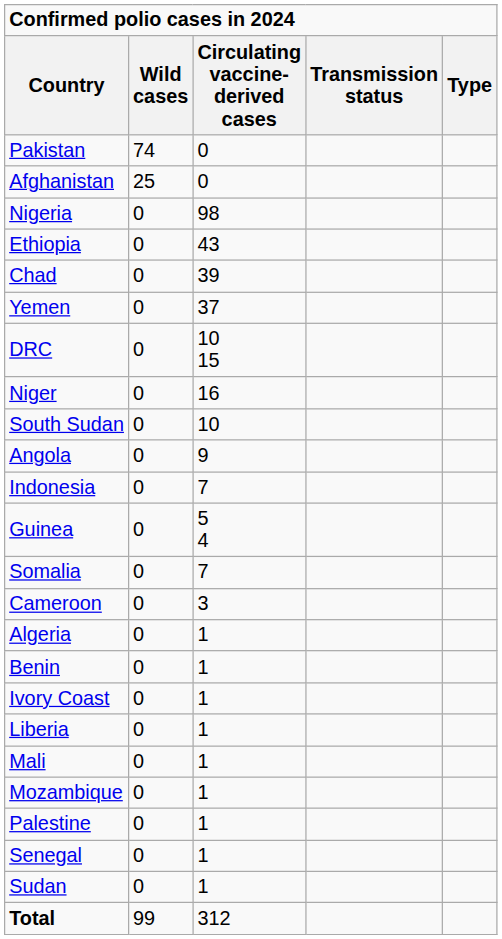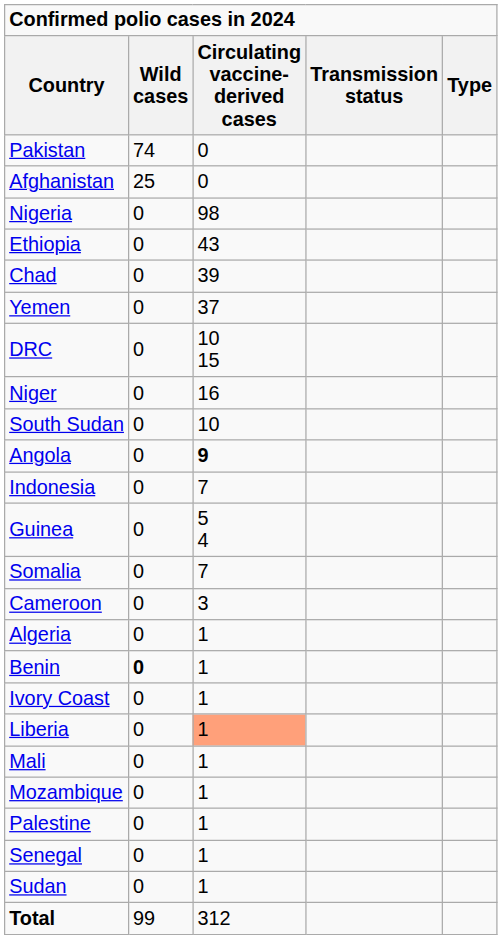 <table class="wikitable sortable mw-collapsible mw-collapsed" font-size:85%; margin-left:15px">
 <tr>
 <td colspan="5"><div><strong>Confirmed polio cases in 2024</strong><br> </div></td>
 </tr>
 <tr>
 <th>Country</th>
 <th>Wild<br>cases</th>
 <th>Circulating<br>vaccine-<br>derived<br>cases</th>
 <th>Transmission<br>status</th>
 <th>Type</th>
 </tr>
 <tr>
 <td><a href='#'>Pakistan</a></td>
 <td>74</td>
 <td>0</td>
 <td></td>
 <td></td>
 </tr>
 <tr>
 <td><a href='#'>Afghanistan</a></td>
 <td>25</td>
 <td>0</td>
 <td></td>
 <td></td>
 </tr>
 <tr>
 <td><a href='#'>Nigeria</a></td>
 <td>0</td>
 <td>98</td>
 <td></td>
 <td></td>
 </tr>
 <tr>
 <td><a href='#'>Ethiopia</a></td>
 <td>0</td>
 <td>43</td>
 <td></td>
 <td></td>
 </tr>
 <tr>
 <td><a href='#'>Chad</a></td>
 <td>0</td>
 <td>39</td>
 <td></td>
 <td></td>
 </tr>
 <tr>
 <td><a href='#'>Yemen</a></td>
 <td>0</td>
 <td>37</td>
 <td></td>
 <td></td>
 </tr>
 <tr>
 <td><a href='#'>DRC</a></td>
 <td>0</td>
 <td>10<br>15</td>
 <td></td>
 <td> <br></td>
 </tr>
 <tr>
 <td><a href='#'>Niger</a></td>
 <td>0</td>
 <td>16</td>
 <td></td>
 <td></td>
 </tr>
 <tr>
 <td><a href='#'>South Sudan</a></td>
 <td>0</td>
 <td>10</td>
 <td></td>
 <td></td>
 </tr>
 <tr>
 <td><a href='#'>Angola</a></td>
 <td>0</td>
-<td>9</td>
+<td><strong>9</strong></td>
 <td></td>
 <td></td>
 </tr>
 <tr>
 <td><a href='#'>Indonesia</a></td>
 <td>0</td>
 <td>7</td>
 <td></td>
 <td></td>
 </tr>
 <tr>
 <td><a href='#'>Guinea</a></td>
 <td>0</td>
 <td>5<br>4</td>
 <td></td>
 <td><br></td>
 </tr>
 <tr>
 <td><a href='#'>Somalia</a></td>
 <td>0</td>
 <td>7</td>
 <td></td>
 <td></td>
 </tr>
 <tr>
 <td><a href='#'>Cameroon</a></td>
 <td>0</td>
 <td>3</td>
 <td></td>
 <td></td>
 </tr>
 <tr>
 <td><a href='#'>Algeria</a></td>
 <td>0</td>
 <td>1</td>
 <td></td>
 <td></td>
 </tr>
 <tr>
 <td><a href='#'>Benin</a></td>
-<td>0</td>
+<td><strong>0</strong></td>
 <td>1</td>
 <td></td>
 <td></td>
 </tr>
 <tr>
 <td><a href='#'>Ivory Coast</a></td>
 <td>0</td>
 <td>1</td>
 <td></td>
 <td></td>
 </tr>
 <tr>
 <td><a href='#'>Liberia</a></td>
 <td>0</td>
-<td>1</td>
+<td style="background: lightsalmon;">1</td>
 <td></td>
 <td></td>
 </tr>
 <tr>
 <td><a href='#'>Mali</a></td>
 <td>0</td>
 <td>1</td>
 <td></td>
 <td></td>
 </tr>
 <tr>
 <td><a href='#'>Mozambique</a></td>
 <td>0</td>
 <td>1</td>
 <td></td>
 <td></td>
 </tr>
 <tr>
 <td><a href='#'>Palestine</a></td>
 <td>0</td>
 <td>1</td>
 <td></td>
 <td></td>
 </tr>
 <tr>
 <td><a href='#'>Senegal</a></td>
 <td>0</td>
 <td>1</td>
 <td></td>
 <td></td>
 </tr>
 <tr>
 <td><a href='#'>Sudan</a></td>
 <td>0</td>
 <td>1</td>
 <td></td>
 <td></td>
 </tr>
 <tr>
 <td><strong>Total</strong></td>
 <td>99</td>
 <td>312</td>
 <td></td>
 <td></td>
 </tr>
 </table>
